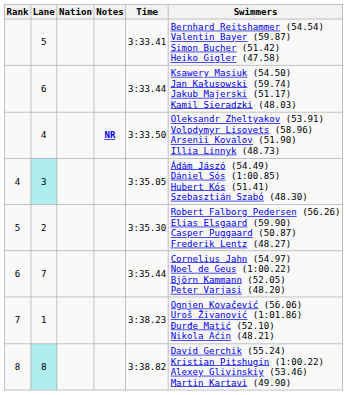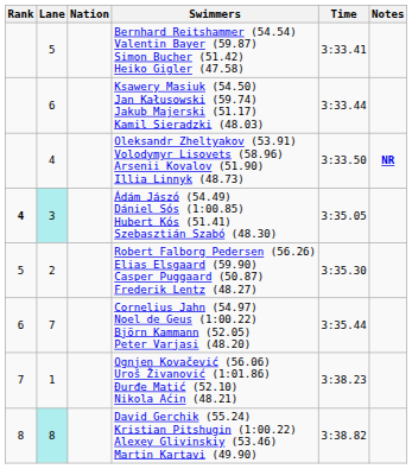 <table class="wikitable sortable" style="text-align:center">
 <tr>
 <th>Rank</th>
 <th>Lane</th>
 <th>Nation</th>
+<th>Swimmers</th>
+<th>Time</th>
 <th>Notes</th>
-<th>Time</th>
-<th>Swimmers</th>
 </tr>
 <tr>
 <td></td>
 <td>5</td>
 <td align=left></td>
+<td align=left><a href='#'>Bernhard Reitshammer</a> (54.54)<br><a href='#'>Valentin Bayer</a> (59.87)<br><a href='#'>Simon Bucher</a> (51.42)<br><a href='#'>Heiko Gigler</a> (47.58)</td>
+<td>3:33.41</td>
 <td></td>
-<td>3:33.41</td>
-<td align=left><a href='#'>Bernhard Reitshammer</a> (54.54)<br><a href='#'>Valentin Bayer</a> (59.87)<br><a href='#'>Simon Bucher</a> (51.42)<br><a href='#'>Heiko Gigler</a> (47.58)</td>
 </tr>
 <tr>
 <td></td>
 <td>6</td>
 <td align=left></td>
+<td align=left><a href='#'>Ksawery Masiuk</a> (54.50)<br><a href='#'>Jan Kałusowski</a> (59.74)<br><a href='#'>Jakub Majerski</a> (51.17)<br><a href='#'>Kamil Sieradzki</a> (48.03)</td>
+<td>3:33.44</td>
 <td></td>
-<td>3:33.44</td>
-<td align=left><a href='#'>Ksawery Masiuk</a> (54.50)<br><a href='#'>Jan Kałusowski</a> (59.74)<br><a href='#'>Jakub Majerski</a> (51.17)<br><a href='#'>Kamil Sieradzki</a> (48.03)</td>
 </tr>
 <tr>
 <td></td>
 <td>4</td>
 <td align=left></td>
+<td align=left><a href='#'>Oleksandr Zheltyakov</a> (53.91)<br><a href='#'>Volodymyr Lisovets</a> (58.96)<br><a href='#'>Arsenii Kovalov</a> (51.90)<br><a href='#'>Illia Linnyk</a> (48.73)</td>
+<td>3:33.50</td>
 <td><strong><a href='#'>NR</a></strong></td>
-<td>3:33.50</td>
-<td align=left><a href='#'>Oleksandr Zheltyakov</a> (53.91)<br><a href='#'>Volodymyr Lisovets</a> (58.96)<br><a href='#'>Arsenii Kovalov</a> (51.90)<br><a href='#'>Illia Linnyk</a> (48.73)</td>
 </tr>
 <tr>
-<td>4</td>
+<td><strong>4</strong></td>
 <td style="background: paleturquoise;">3</td>
 <td align=left></td>
+<td align=left><a href='#'>Ádám Jászó</a> (54.49)<br><a href='#'>Dániel Sós</a> (1:00.85)<br><a href='#'>Hubert Kós</a> (51.41)<br><a href='#'>Szebasztián Szabó</a> (48.30)</td>
+<td>3:35.05</td>
 <td></td>
-<td>3:35.05</td>
-<td align=left><a href='#'>Ádám Jászó</a> (54.49)<br><a href='#'>Dániel Sós</a> (1:00.85)<br><a href='#'>Hubert Kós</a> (51.41)<br><a href='#'>Szebasztián Szabó</a> (48.30)</td>
 </tr>
 <tr>
 <td>5</td>
 <td>2</td>
 <td align=left></td>
+<td align=left><a href='#'>Robert Falborg Pedersen</a> (56.26)<br><a href='#'>Elias Elsgaard</a> (59.90)<br><a href='#'>Casper Puggaard</a> (50.87)<br><a href='#'>Frederik Lentz</a> (48.27)</td>
+<td>3:35.30</td>
 <td></td>
-<td>3:35.30</td>
-<td align=left><a href='#'>Robert Falborg Pedersen</a> (56.26)<br><a href='#'>Elias Elsgaard</a> (59.90)<br><a href='#'>Casper Puggaard</a> (50.87)<br><a href='#'>Frederik Lentz</a> (48.27)</td>
 </tr>
 <tr>
 <td>6</td>
 <td>7</td>
 <td align=left></td>
+<td align=left><a href='#'>Cornelius Jahn</a> (54.97)<br><a href='#'>Noel de Geus</a> (1:00.22)<br><a href='#'>Björn Kammann</a> (52.05)<br><a href='#'>Peter Varjasi</a> (48.20)</td>
+<td>3:35.44</td>
 <td></td>
-<td>3:35.44</td>
-<td align=left><a href='#'>Cornelius Jahn</a> (54.97)<br><a href='#'>Noel de Geus</a> (1:00.22)<br><a href='#'>Björn Kammann</a> (52.05)<br><a href='#'>Peter Varjasi</a> (48.20)</td>
 </tr>
 <tr>
 <td>7</td>
 <td>1</td>
 <td align=left></td>
+<td align=left><a href='#'>Ognjen Kovačević</a> (56.06)<br><a href='#'>Uroš Živanović</a> (1:01.86)<br><a href='#'>Đurđe Matić</a> (52.10)<br><a href='#'>Nikola Aćin</a> (48.21)</td>
+<td>3:38.23</td>
 <td></td>
-<td>3:38.23</td>
-<td align=left><a href='#'>Ognjen Kovačević</a> (56.06)<br><a href='#'>Uroš Živanović</a> (1:01.86)<br><a href='#'>Đurđe Matić</a> (52.10)<br><a href='#'>Nikola Aćin</a> (48.21)</td>
 </tr>
 <tr>
 <td>8</td>
 <td style="background: paleturquoise;">8</td>
 <td align=left></td>
+<td align=left><a href='#'>David Gerchik</a> (55.24)<br><a href='#'>Kristian Pitshugin</a> (1:00.22)<br><a href='#'>Alexey Glivinskiy</a> (53.46)<br><a href='#'>Martin Kartavi</a> (49.90)</td>
+<td>3:38.82</td>
 <td></td>
-<td>3:38.82</td>
-<td align=left><a href='#'>David Gerchik</a> (55.24)<br><a href='#'>Kristian Pitshugin</a> (1:00.22)<br><a href='#'>Alexey Glivinskiy</a> (53.46)<br><a href='#'>Martin Kartavi</a> (49.90)</td>
 </tr>
 </table>
